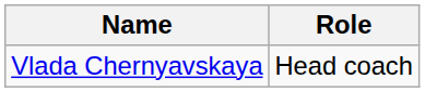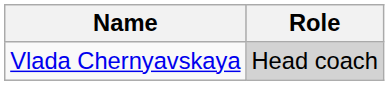 <table class="wikitable">
 <tr>
 <th>Name</th>
 <th>Role</th>
 </tr>
 <tr>
 <td> <a href='#'>Vlada Chernyavskaya</a></td>
-<td>Head coach</td>
+<td style="background: lightgrey;">Head coach</td>
 </tr>
 </table>
